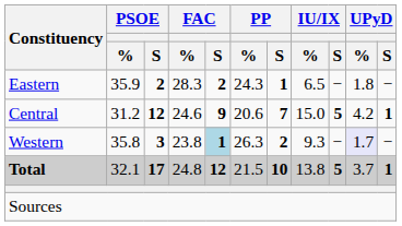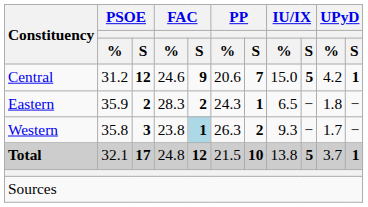 <table class="wikitable sortable" style="text-align:right; line-height:20px;">
 <tr>
 <th rowspan="3">Constituency</th>
 <th colspan="2" width="30px" class="unsortable"><a href='#'>PSOE</a></th>
 <th colspan="2" width="30px" class="unsortable"><a href='#'>FAC</a></th>
 <th colspan="2" width="30px" class="unsortable"><a href='#'>PP</a></th>
 <th colspan="2" width="30px" class="unsortable"><a href='#'>IU/IX</a></th>
 <th colspan="2" width="30px" class="unsortable"><a href='#'>UPyD</a></th>
 </tr>
 <tr>
 <th colspan="2" style="background:"></th>
 <th colspan="2" style="background:"></th>
 <th colspan="2" style="background:"></th>
 <th colspan="2" style="background:"></th>
 <th colspan="2" style="background:"></th>
 </tr>
 <tr>
 <th data-sort-type="number">%</th>
 <th data-sort-type="number">S</th>
 <th data-sort-type="number">%</th>
 <th data-sort-type="number">S</th>
 <th data-sort-type="number">%</th>
 <th data-sort-type="number">S</th>
 <th data-sort-type="number">%</th>
 <th data-sort-type="number">S</th>
 <th data-sort-type="number">%</th>
 <th data-sort-type="number">S</th>
 </tr>
 <tr>
+<td align="left"><a href='#'>Central</a></td>
+<td style="background:">31.2</td>
+<td><strong>12</strong></td>
+<td>24.6</td>
+<td><strong>9</strong></td>
+<td>20.6</td>
+<td><strong>7</strong></td>
+<td>15.0</td>
+<td><strong>5</strong></td>
+<td>4.2</td>
+<td><strong>1</strong></td>
+</tr>
+<tr>
 <td align="left"><a href='#'>Eastern</a></td>
 <td style="background:">35.9</td>
 <td><strong>2</strong></td>
 <td>28.3</td>
 <td><strong>2</strong></td>
 <td>24.3</td>
 <td><strong>1</strong></td>
 <td>6.5</td>
 <td>−</td>
 <td>1.8</td>
 <td>−</td>
 </tr>
 <tr>
-<td align="left"><a href='#'>Central</a></td>
-<td style="background:">31.2</td>
-<td><strong>12</strong></td>
-<td>24.6</td>
-<td><strong>9</strong></td>
-<td>20.6</td>
-<td><strong>7</strong></td>
-<td>15.0</td>
-<td><strong>5</strong></td>
-<td>4.2</td>
-<td><strong>1</strong></td>
-</tr>
-<tr>
 <td align="left"><a href='#'>Western</a></td>
 <td style="background:">35.8</td>
 <td><strong>3</strong></td>
 <td>23.8</td>
 <td style="background: lightblue;"><strong>1</strong></td>
 <td>26.3</td>
 <td><strong>2</strong></td>
 <td>9.3</td>
 <td>−</td>
-<td style="background: lavender;">1.7</td>
+<td>1.7</td>
 <td>−</td>
 </tr>
 <tr style="background:#CDCDCD;">
 <td align="left"><strong>Total</strong></td>
 <td style="background:">32.1</td>
 <td><strong>17</strong></td>
 <td>24.8</td>
 <td><strong>12</strong></td>
 <td>21.5</td>
 <td><strong>10</strong></td>
 <td>13.8</td>
 <td><strong>5</strong></td>
 <td>3.7</td>
 <td><strong>1</strong></td>
 </tr>
 <tr>
 <th colspan="11"></th>
 </tr>
 <tr>
 <th style="text-align:left; font-weight:normal; background:#F9F9F9" colspan="11">Sources</th>
 </tr>
 </table>
